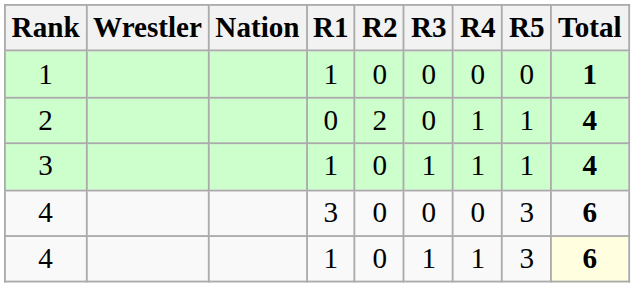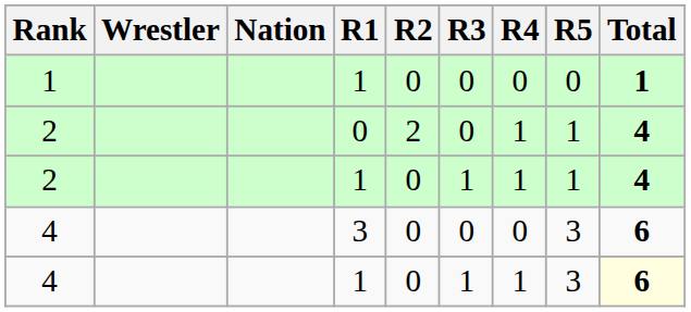 <table class="wikitable sortable" style="text-align:center;">
 <tr>
 <th>Rank</th>
 <th>Wrestler</th>
 <th>Nation</th>
 <th>R1</th>
 <th>R2</th>
 <th>R3</th>
 <th>R4</th>
 <th>R5</th>
 <th>Total</th>
 </tr>
 <tr style="background:#cfc;">
 <td>1</td>
 <td align=left></td>
 <td align=left></td>
 <td>1</td>
 <td>0</td>
 <td>0</td>
 <td>0</td>
 <td>0</td>
 <td><strong>1</strong></td>
 </tr>
 <tr style="background:#cfc;">
 <td>2</td>
 <td align=left></td>
 <td align=left></td>
 <td>0</td>
 <td>2</td>
 <td>0</td>
 <td>1</td>
 <td>1</td>
 <td><strong>4</strong></td>
 </tr>
 <tr style="background:#cfc;">
-<td>3</td>
+<td>2</td>
 <td align=left></td>
 <td align=left></td>
 <td>1</td>
 <td>0</td>
 <td>1</td>
 <td>1</td>
 <td>1</td>
 <td><strong>4</strong></td>
 </tr>
 <tr>
 <td>4</td>
 <td align=left></td>
 <td align=left></td>
 <td>3</td>
 <td>0</td>
 <td>0</td>
 <td>0</td>
 <td>3</td>
 <td><strong>6</strong></td>
 </tr>
 <tr>
 <td>4</td>
 <td align=left></td>
 <td align=left></td>
 <td>1</td>
 <td>0</td>
 <td>1</td>
 <td>1</td>
 <td>3</td>
 <td style="background: lightyellow;"><strong>6</strong></td>
 </tr>
 </table>
